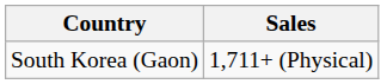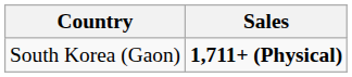 <table class="wikitable">
 <tr>
 <th>Country</th>
 <th>Sales</th>
 </tr>
 <tr>
 <td>South Korea (Gaon)</td>
-<td>1,711+ (Physical)</td>
+<td><strong>1,711+ (Physical)</strong></td>
 </tr>
 </table>
